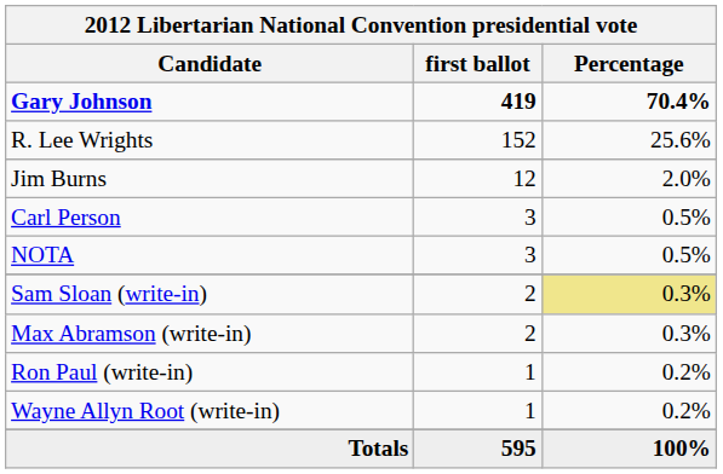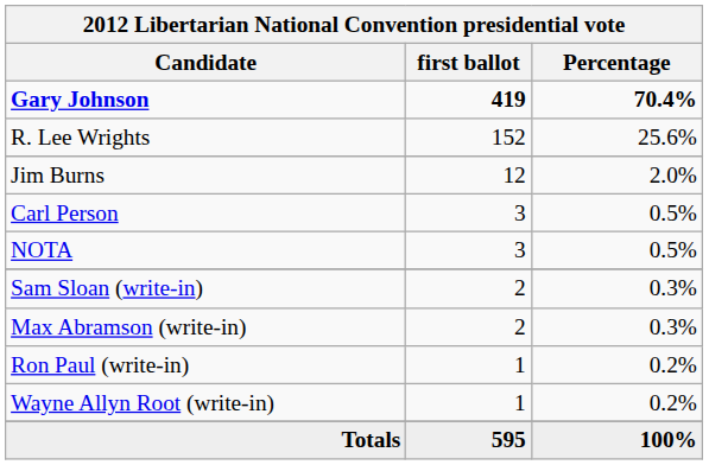 <table class="wikitable" style="font-size:95%;">
 <tr>
 <th colspan="3">2012 Libertarian National Convention presidential vote</th>
 </tr>
 <tr>
 <th style="width: 17em">Candidate</th>
 <th style="width: 5em">first ballot</th>
 <th style="width: 7em">Percentage</th>
 </tr>
 <tr>
 <td><strong><a href='#'>Gary Johnson</a></strong></td>
 <td style="text-align:right;"><strong>419</strong></td>
 <td style="text-align:right;"><strong>70.4%</strong></td>
 </tr>
 <tr>
 <td>R. Lee Wrights</td>
 <td style="text-align:right;">152</td>
 <td style="text-align:right;">25.6%</td>
 </tr>
 <tr style="background:#eee; text-align:right;">
 </tr>
 <tr>
 <td>Jim Burns</td>
 <td style="text-align:right;">12</td>
 <td style="text-align:right;">2.0%</td>
 </tr>
 <tr>
 <td><a href='#'>Carl Person</a></td>
 <td style="text-align:right;">3</td>
 <td style="text-align:right;">0.5%</td>
 </tr>
 <tr>
 <td><a href='#'>NOTA</a></td>
 <td style="text-align:right;">3</td>
 <td style="text-align:right;">0.5%</td>
 </tr>
 <tr style="background:#eee; text-align:right;">
 </tr>
 <tr>
 <td><a href='#'>Sam Sloan</a> (<a href='#'>write-in</a>)</td>
 <td style="text-align:right;">2</td>
-<td style="background: khaki; text-align:right;">0.3%</td>
+<td style="text-align:right;">0.3%</td>
 </tr>
 <tr>
 <td><a href='#'>Max Abramson</a> (write-in)</td>
 <td style="text-align:right;">2</td>
 <td style="text-align:right;">0.3%</td>
 </tr>
 <tr>
 <td><a href='#'>Ron Paul</a> (write-in)</td>
 <td style="text-align:right;">1</td>
 <td style="text-align:right;">0.2%</td>
 </tr>
 <tr>
 <td><a href='#'>Wayne Allyn Root</a> (write-in)</td>
 <td style="text-align:right;">1</td>
 <td style="text-align:right;">0.2%</td>
 </tr>
 <tr>
 </tr>
 <tr style="background:#eee; text-align:right;">
 <td><strong>Totals</strong></td>
 <td><strong>595</strong></td>
 <td><strong>100%</strong></td>
 </tr>
 </table>
